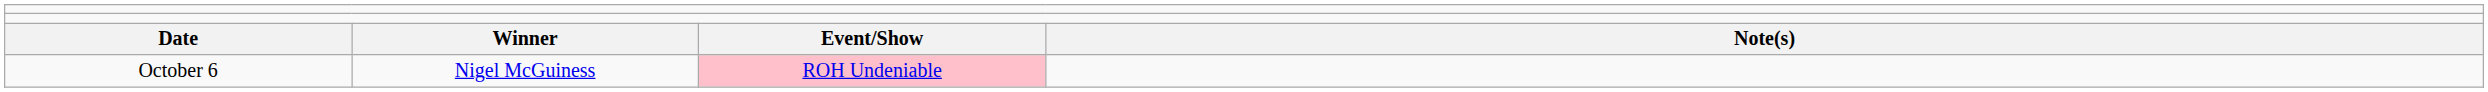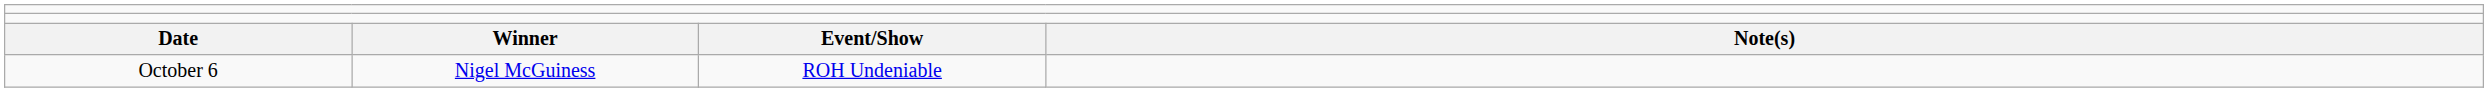 <table class="wikitable" style="text-align:center; width:100%;">
 <tr>
 <td colspan="5"></td>
 </tr>
 <tr>
 <td colspan="5"><strong></strong></td>
 </tr>
 <tr>
 <th width=14%>Date</th>
 <th width=14%>Winner</th>
 <th width=14%>Event/Show</th>
 <th width=58%>Note(s)</th>
 </tr>
 <tr>
 <td>October 6</td>
 <td><a href='#'>Nigel McGuiness</a></td>
-<td style="background: pink;"><a href='#'>ROH Undeniable</a></td>
+<td><a href='#'>ROH Undeniable</a></td>
 <td align="left"></td>
 </tr>
 </table>
